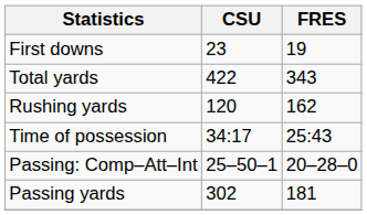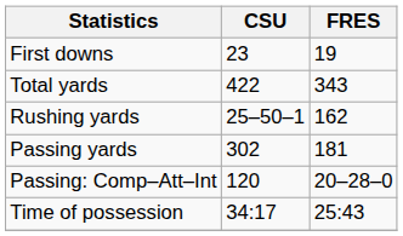 <table class="wikitable" style="float: left;">
 <tr>
 <th>Statistics</th>
 <th>CSU</th>
 <th>FRES</th>
 </tr>
 <tr>
 <td>First downs</td>
 <td>23</td>
 <td>19</td>
 </tr>
 <tr>
 <td>Total yards</td>
 <td>422</td>
 <td>343</td>
 </tr>
 <tr>
 <td>Rushing yards</td>
+<td>25–50–1</td>
+<td>162</td>
+</tr>
+<tr>
+<td>Passing yards</td>
+<td>302</td>
+<td>181</td>
+</tr>
+<tr>
+<td>Passing: Comp–Att–Int</td>
 <td>120</td>
-<td>162</td>
+<td>20–28–0</td>
 </tr>
 <tr>
 <td>Time of possession</td>
 <td>34:17</td>
 <td>25:43</td>
 </tr>
 <tr>
-<td>Passing: Comp–Att–Int</td>
-<td>25–50–1</td>
-<td>20–28–0</td>
-</tr>
-<tr>
-<td>Passing yards</td>
-<td>302</td>
-<td>181</td>
-</tr>
-<tr>
 </tr>
 </table>
